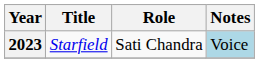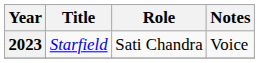 <table class="wikitable plainrowheaders sortable">
 <tr>
 <th scope="col">Year</th>
 <th scope="col">Title</th>
 <th scope="col">Role</th>
 <th scope="col" class="unsortable">Notes</th>
 </tr>
 <tr>
 <th scope="row">2023</th>
 <td><em><a href='#'>Starfield</a></em></td>
 <td>Sati Chandra</td>
-<td style="background: lightblue;">Voice</td>
+<td>Voice</td>
 </tr>
 <tr>
 </tr>
 </table>
